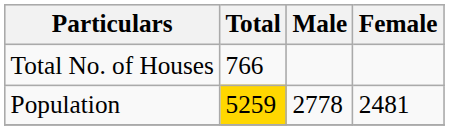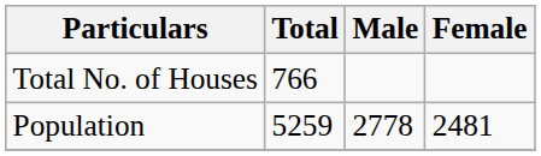 <table class="wikitable sortable">
 <tr>
 <th>Particulars</th>
 <th>Total</th>
 <th>Male</th>
 <th>Female</th>
 </tr>
 <tr>
 <td>Total No. of Houses</td>
 <td>766</td>
 <td></td>
 <td></td>
 </tr>
 <tr>
 <td>Population</td>
-<td style="background: gold;">5259</td>
+<td>5259</td>
 <td>2778</td>
 <td>2481</td>
 </tr>
 <tr>
 </tr>
 </table>
